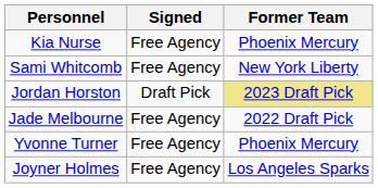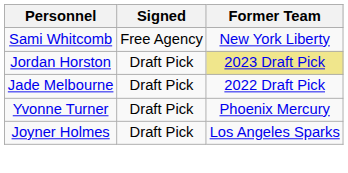 <table class="wikitable" style="text-align: center">
 <tr align="center" bgcolor="#dddddd">
 <th><strong>Personnel</strong></th>
 <th><strong>Signed</strong></th>
 <th><strong>Former Team</strong></th>
-</tr>
-<tr>
-<td><a href='#'>Kia Nurse</a></td>
-<td>Free Agency</td>
-<td><a href='#'>Phoenix Mercury</a></td>
 </tr>
 <tr>
 <td><a href='#'>Sami Whitcomb</a></td>
 <td>Free Agency</td>
 <td><a href='#'>New York Liberty</a></td>
 </tr>
 <tr>
 <td><a href='#'>Jordan Horston</a></td>
 <td>Draft Pick</td>
 <td style="background: khaki;"><a href='#'>2023 Draft Pick</a></td>
 </tr>
 <tr>
 <td><a href='#'>Jade Melbourne</a></td>
-<td>Free Agency</td>
+<td>Draft Pick</td>
 <td><a href='#'>2022 Draft Pick</a></td>
 </tr>
 <tr>
 <td><a href='#'>Yvonne Turner</a></td>
-<td>Free Agency</td>
+<td>Draft Pick</td>
 <td><a href='#'>Phoenix Mercury</a></td>
 </tr>
 <tr>
 <td><a href='#'>Joyner Holmes</a></td>
-<td>Free Agency</td>
+<td>Draft Pick</td>
 <td><a href='#'>Los Angeles Sparks</a></td>
 </tr>
 </table>
